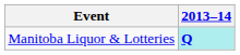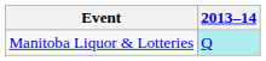 <table class="wikitable">
 <tr>
 <th>Event</th>
 <th><a href='#'>2013–14</a></th>
 </tr>
 <tr>
 <td><a href='#'>Manitoba Liquor & Lotteries</a></td>
-<td style="background:#afeeee;"><strong><a href='#'>Q</a></strong></td>
+<td style="background:#afeeee;"><a href='#'>Q</a></td>
 </tr>
 </table>
